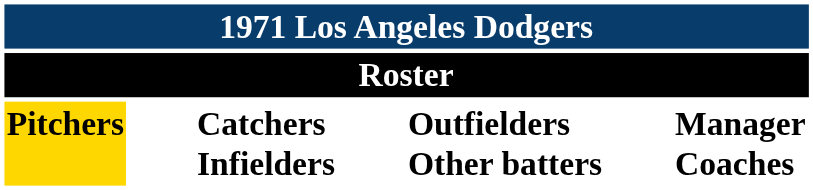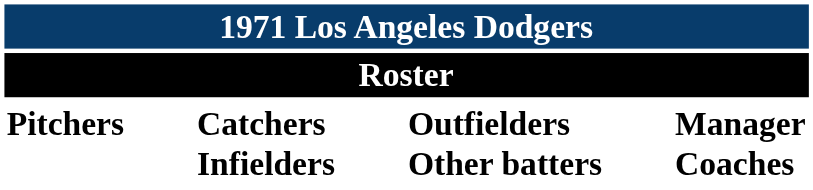 <table class="toccolours" style="font-size: 95%;">
 <tr>
 <th colspan="10" style="background-color: #083c6b; color: white; text-align: center;">1971 Los Angeles Dodgers</th>
 </tr>
 <tr>
 <td colspan="10" style="background-color: black; color: white; text-align: center;"><strong>Roster</strong></td>
 </tr>
 <tr>
-<td valign="top" style="background: gold;"><strong>Pitchers</strong><br>                </td>
+<td valign="top"><strong>Pitchers</strong><br>                </td>
 <td width="25px"></td>
 <td valign="top"><strong>Catchers</strong><br>    <strong>Infielders</strong>        </td>
 <td width="25px"></td>
 <td valign="top"><strong>Outfielders</strong><br>       <strong>Other batters</strong> </td>
 <td width="25px"></td>
 <td valign="top"><strong>Manager</strong><br> <strong>Coaches</strong>      </td>
 </tr>
 </table>
